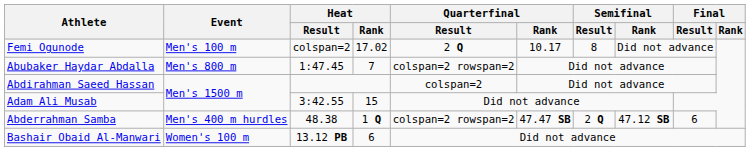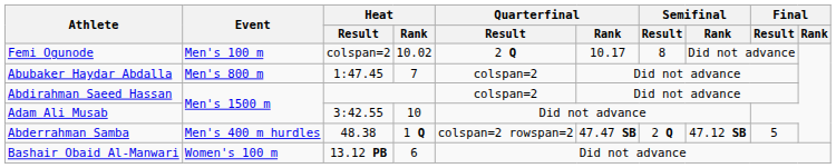 <table class="wikitable" style="font-size:90%">
 <tr>
 <th rowspan="2">Athlete</th>
 <th rowspan="2">Event</th>
 <th colspan="2">Heat</th>
 <th colspan="2">Quarterfinal</th>
 <th colspan="2">Semifinal</th>
 <th colspan="2">Final</th>
 </tr>
 <tr style="font-size:95%">
 <th>Result</th>
 <th>Rank</th>
 <th>Result</th>
 <th>Rank</th>
 <th>Result</th>
 <th>Rank</th>
 <th>Result</th>
 <th>Rank</th>
 </tr>
 <tr align=center>
 <td align=left><a href='#'>Femi Ogunode</a></td>
 <td align=left><a href='#'>Men's 100 m</a></td>
 <td>colspan=2 </td>
-<td>17.02</td>
+<td>10.02</td>
 <td>2 <strong>Q</strong></td>
 <td>10.17</td>
 <td>8</td>
 <td colspan="2">Did not advance</td>
 </tr>
 <tr align=center>
 <td align=left><a href='#'>Abubaker Haydar Abdalla</a></td>
 <td align=left><a href='#'>Men's 800 m</a></td>
 <td>1:47.45</td>
 <td>7</td>
-<td>colspan=2 rowspan=2 </td>
+<td>colspan=2 </td>
 <td colspan="4">Did not advance</td>
 </tr>
 <tr align=center>
 <td align=left><a href='#'>Abdirahman Saeed Hassan</a></td>
 <td align=left rowspan=2><a href='#'>Men's 1500 m</a></td>
 <td colspan=2></td>
 <td>colspan=2 </td>
 <td colspan="4">Did not advance</td>
 </tr>
 <tr align=center>
 <td align=left><a href='#'>Adam Ali Musab</a></td>
 <td>3:42.55</td>
-<td>15</td>
+<td>10</td>
 <td colspan="4">Did not advance</td>
 </tr>
 <tr align=center>
 <td align=left><a href='#'>Abderrahman Samba</a></td>
 <td align=left><a href='#'>Men's 400 m hurdles</a></td>
 <td>48.38</td>
 <td>1 <strong>Q</strong></td>
 <td>colspan=2 rowspan=2 </td>
 <td>47.47 <strong>SB</strong></td>
 <td>2 <strong>Q</strong></td>
 <td>47.12 <strong>SB</strong></td>
-<td>6</td>
+<td>5</td>
 </tr>
 <tr align=center>
 <td align=left><a href='#'>Bashair Obaid Al-Manwari</a></td>
 <td align=left><a href='#'>Women's 100 m</a></td>
 <td>13.12 <strong>PB</strong></td>
 <td>6</td>
 <td colspan="6">Did not advance</td>
 </tr>
 </table>
